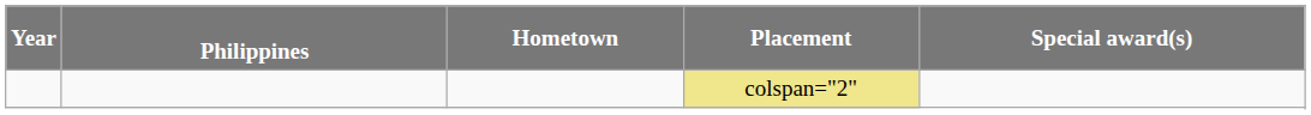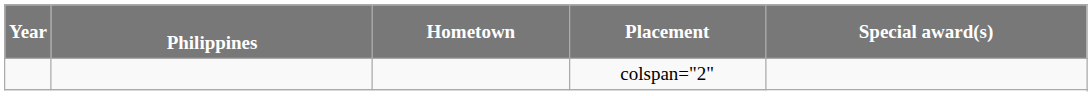 <table class="wikitable sortable" style="font-size: 95%; text-align:center">
 <tr>
 <th width="20" style="background-color:#787878;color:#FFFFFF;">Year</th>
 <th width="250" style="background-color:#787878;color:#FFFFFF;"><br>Philippines</th>
 <th width="150" style="background-color:#787878;color:#FFFFFF;">Hometown</th>
 <th width="150" style="background-color:#787878;color:#FFFFFF;">Placement</th>
 <th width="250" style="background-color:#787878;color:#FFFFFF;">Special award(s)</th>
 </tr>
 <tr>
 <td></td>
 <td></td>
 <td></td>
-<td style="background: khaki;">colspan="2" </td>
+<td>colspan="2" </td>
 </tr>
 <tr>
 </tr>
 </table>
